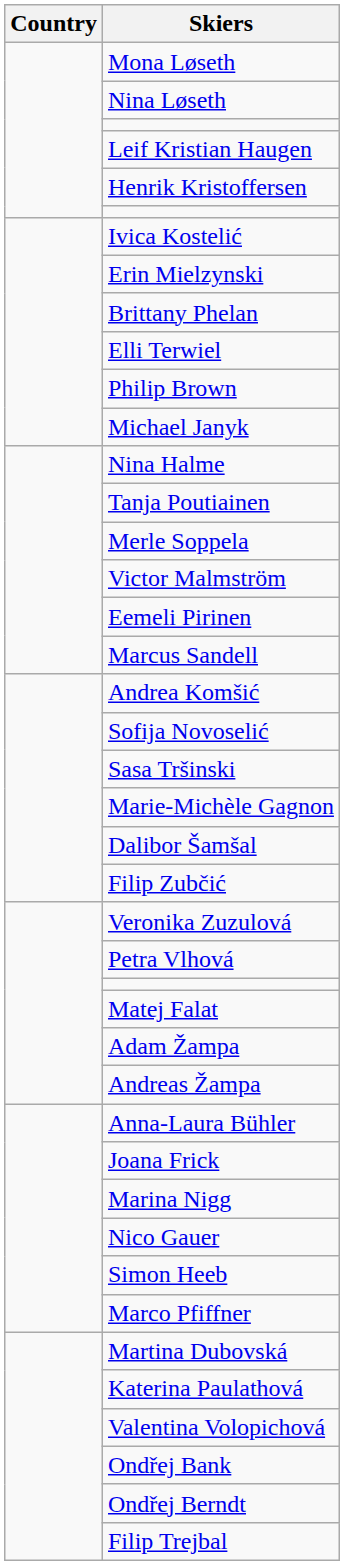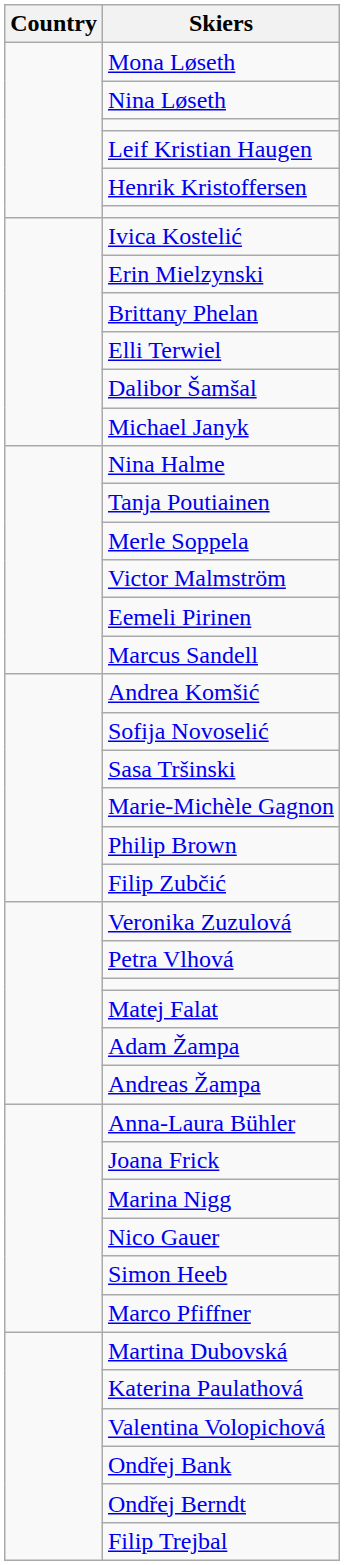 <table class="wikitable">
 <tr>
 <th>Country</th>
 <th>Skiers</th>
 </tr>
 <tr>
 <td rowspan=6></td>
 <td><a href='#'>Mona Løseth</a></td>
 </tr>
 <tr>
 <td><a href='#'>Nina Løseth</a></td>
 </tr>
 <tr>
 <td></td>
 </tr>
 <tr>
 <td><a href='#'>Leif Kristian Haugen</a></td>
 </tr>
 <tr>
 <td><a href='#'>Henrik Kristoffersen</a></td>
 </tr>
 <tr>
 <td></td>
 </tr>
 <tr>
 <td rowspan=6></td>
 <td><a href='#'>Ivica Kostelić</a></td>
 </tr>
 <tr>
 <td><a href='#'>Erin Mielzynski</a></td>
 </tr>
 <tr>
 <td><a href='#'>Brittany Phelan</a></td>
 </tr>
 <tr>
 <td><a href='#'>Elli Terwiel</a></td>
 </tr>
 <tr>
-<td><a href='#'>Philip Brown</a></td>
+<td><a href='#'>Dalibor Šamšal</a></td>
 </tr>
 <tr>
 <td><a href='#'>Michael Janyk</a></td>
 </tr>
 <tr>
 <td rowspan=6></td>
 <td><a href='#'>Nina Halme</a></td>
 </tr>
 <tr>
 <td><a href='#'>Tanja Poutiainen</a></td>
 </tr>
 <tr>
 <td><a href='#'>Merle Soppela</a></td>
 </tr>
 <tr>
 <td><a href='#'>Victor Malmström</a></td>
 </tr>
 <tr>
 <td><a href='#'>Eemeli Pirinen</a></td>
 </tr>
 <tr>
 <td><a href='#'>Marcus Sandell</a></td>
 </tr>
 <tr>
 <td rowspan=6></td>
 <td><a href='#'>Andrea Komšić</a></td>
 </tr>
 <tr>
 <td><a href='#'>Sofija Novoselić</a></td>
 </tr>
 <tr>
 <td><a href='#'>Sasa Tršinski</a></td>
 </tr>
 <tr>
 <td><a href='#'>Marie-Michèle Gagnon</a></td>
 </tr>
 <tr>
-<td><a href='#'>Dalibor Šamšal</a></td>
+<td><a href='#'>Philip Brown</a></td>
 </tr>
 <tr>
 <td><a href='#'>Filip Zubčić</a></td>
 </tr>
 <tr>
 <td rowspan=6></td>
 <td><a href='#'>Veronika Zuzulová</a></td>
 </tr>
 <tr>
 <td><a href='#'>Petra Vlhová</a></td>
 </tr>
 <tr>
 <td></td>
 </tr>
 <tr>
 <td><a href='#'>Matej Falat</a></td>
 </tr>
 <tr>
 <td><a href='#'>Adam Žampa</a></td>
 </tr>
 <tr>
 <td><a href='#'>Andreas Žampa</a></td>
 </tr>
 <tr>
 <td rowspan=6></td>
 <td><a href='#'>Anna-Laura Bühler</a></td>
 </tr>
 <tr>
 <td><a href='#'>Joana Frick</a></td>
 </tr>
 <tr>
 <td><a href='#'>Marina Nigg</a></td>
 </tr>
 <tr>
 <td><a href='#'>Nico Gauer</a></td>
 </tr>
 <tr>
 <td><a href='#'>Simon Heeb</a></td>
 </tr>
 <tr>
 <td><a href='#'>Marco Pfiffner</a></td>
 </tr>
 <tr>
 <td rowspan=6></td>
 <td><a href='#'>Martina Dubovská</a></td>
 </tr>
 <tr>
 <td><a href='#'>Katerina Paulathová</a></td>
 </tr>
 <tr>
 <td><a href='#'>Valentina Volopichová</a></td>
 </tr>
 <tr>
 <td><a href='#'>Ondřej Bank</a></td>
 </tr>
 <tr>
 <td><a href='#'>Ondřej Berndt</a></td>
 </tr>
 <tr>
 <td><a href='#'>Filip Trejbal</a></td>
 </tr>
 </table>
